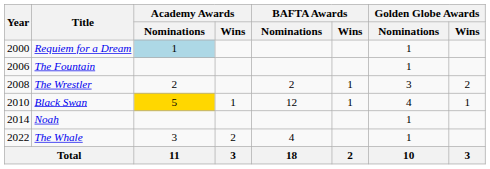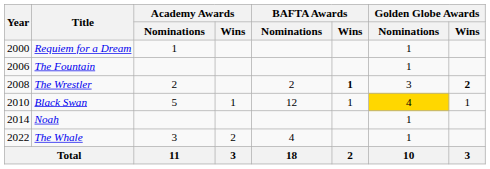 <table class="wikitable">
 <tr>
 <th rowspan="2">Year</th>
 <th rowspan="2">Title</th>
 <th colspan="2" style="text-align:center;" width=160>Academy Awards</th>
 <th colspan="2" style="text-align:center;" width=160>BAFTA Awards</th>
 <th colspan="2" style="text-align:center;" width=160>Golden Globe Awards</th>
 </tr>
 <tr>
 <th>Nominations</th>
 <th>Wins</th>
 <th>Nominations</th>
 <th>Wins</th>
 <th>Nominations</th>
 <th>Wins</th>
 </tr>
 <tr>
 <td>2000</td>
 <td><em><a href='#'>Requiem for a Dream</a></em></td>
-<td align=center style="background: lightblue;">1</td>
+<td align=center>1</td>
 <td></td>
 <td></td>
 <td></td>
 <td align=center>1</td>
 <td></td>
 </tr>
 <tr>
 <td>2006</td>
 <td><em><a href='#'>The Fountain</a></em></td>
 <td></td>
 <td></td>
 <td></td>
 <td></td>
 <td align=center>1</td>
 <td></td>
 </tr>
 <tr>
 <td>2008</td>
 <td><em><a href='#'>The Wrestler</a></em></td>
 <td align=center>2</td>
 <td align=center></td>
 <td align=center>2</td>
-<td align=center>1</td>
+<td align=center><strong>1</strong></td>
 <td align=center>3</td>
-<td align=center>2</td>
+<td align=center><strong>2</strong></td>
 </tr>
 <tr>
 <td>2010</td>
 <td><em><a href='#'>Black Swan</a></em></td>
-<td align=center style="background: gold;">5</td>
+<td align=center>5</td>
 <td align=center>1</td>
 <td align=center>12</td>
 <td align=center>1</td>
-<td align=center>4</td>
+<td align=center style="background: gold;">4</td>
 <td align=center>1</td>
 </tr>
 <tr>
 <td>2014</td>
 <td><em><a href='#'>Noah</a></em></td>
 <td></td>
 <td></td>
 <td></td>
 <td></td>
 <td align=center>1</td>
 <td></td>
 </tr>
 <tr>
 <td>2022</td>
 <td><em><a href='#'>The Whale</a></em></td>
 <td align=center>3</td>
 <td align=center>2</td>
 <td align=center>4</td>
 <td></td>
 <td align=center>1</td>
 <td></td>
 </tr>
 <tr>
 <th colspan="2">Total</th>
 <th align=center>11</th>
 <th align=center>3</th>
 <th align=center>18</th>
 <th align=center>2</th>
 <th align=center>10</th>
 <th align=center>3</th>
 </tr>
 </table>
